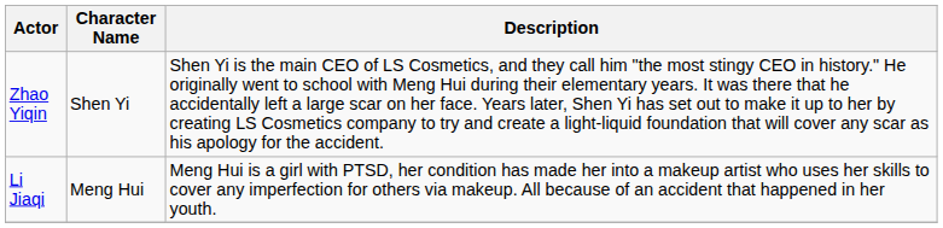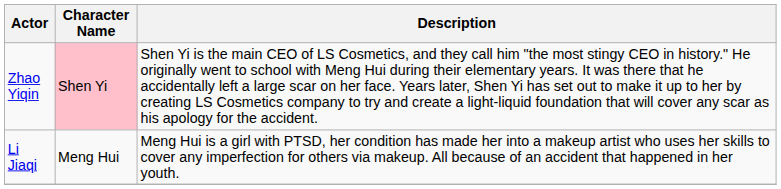 <table class="wikitable">
 <tr>
 <th>Actor</th>
 <th>Character Name</th>
 <th>Description</th>
 </tr>
 <tr>
 <td><a href='#'>Zhao Yiqin</a></td>
-<td>Shen Yi</td>
+<td style="background: pink;">Shen Yi</td>
 <td>Shen Yi is the main CEO of LS Cosmetics, and they call him "the most stingy CEO in history." He originally went to school with Meng Hui during their elementary years. It was there that he accidentally left a large scar on her face.  Years later, Shen Yi has set out to make it up to her by creating LS Cosmetics company to try and create a light-liquid foundation that will cover any scar as his apology for the accident.</td>
 </tr>
 <tr>
 <td><a href='#'>Li Jiaqi</a></td>
 <td>Meng Hui</td>
 <td>Meng Hui is a girl with PTSD, her condition has made her into a makeup artist who uses her skills to cover any imperfection for others via makeup. All because of an accident that happened in her youth.</td>
 </tr>
 <tr>
 </tr>
 </table>
